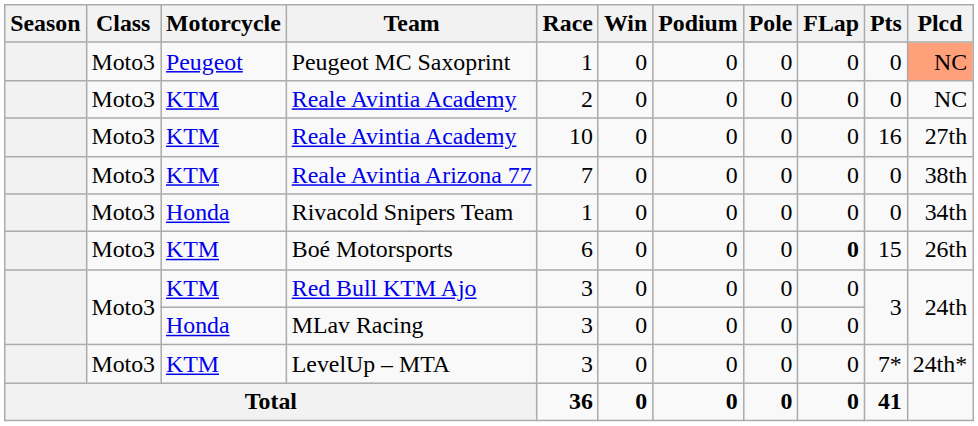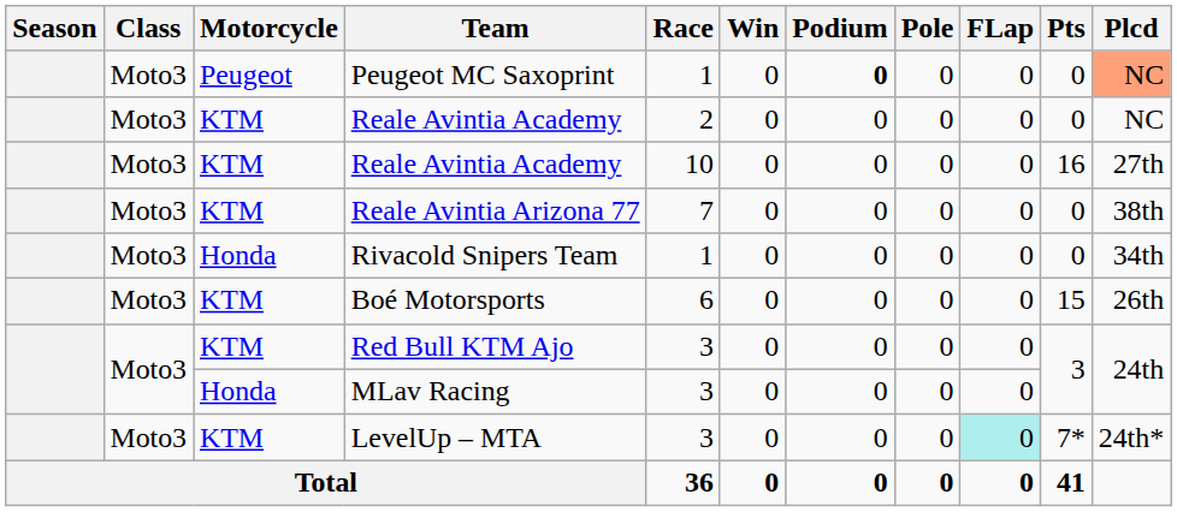 <table class="wikitable" style="text-align:right;">
 <tr>
 <th>Season</th>
 <th>Class</th>
 <th>Motorcycle</th>
 <th>Team</th>
 <th>Race</th>
 <th>Win</th>
 <th>Podium</th>
 <th>Pole</th>
 <th>FLap</th>
 <th>Pts</th>
 <th>Plcd</th>
 </tr>
 <tr>
 <th></th>
 <td>Moto3</td>
 <td style="text-align:left;"><a href='#'>Peugeot</a></td>
 <td style="text-align:left;">Peugeot MC Saxoprint</td>
 <td>1</td>
 <td>0</td>
-<td>0</td>
+<td><strong>0</strong></td>
 <td>0</td>
 <td>0</td>
 <td>0</td>
 <td style="background: lightsalmon;">NC</td>
 </tr>
 <tr>
 <th></th>
 <td>Moto3</td>
 <td style="text-align:left;"><a href='#'>KTM</a></td>
 <td style="text-align:left;"><a href='#'>Reale Avintia Academy</a></td>
 <td>2</td>
 <td>0</td>
 <td>0</td>
 <td>0</td>
 <td>0</td>
 <td>0</td>
 <td>NC</td>
 </tr>
 <tr>
 <th></th>
 <td>Moto3</td>
 <td style="text-align:left;"><a href='#'>KTM</a></td>
 <td style="text-align:left;"><a href='#'>Reale Avintia Academy</a></td>
 <td>10</td>
 <td>0</td>
 <td>0</td>
 <td>0</td>
 <td>0</td>
 <td>16</td>
 <td>27th</td>
 </tr>
 <tr>
 <th></th>
 <td>Moto3</td>
 <td style="text-align:left;"><a href='#'>KTM</a></td>
 <td style="text-align:left;"><a href='#'>Reale Avintia Arizona 77</a></td>
 <td>7</td>
 <td>0</td>
 <td>0</td>
 <td>0</td>
 <td>0</td>
 <td>0</td>
 <td>38th</td>
 </tr>
 <tr>
 <th></th>
 <td>Moto3</td>
 <td style="text-align:left;"><a href='#'>Honda</a></td>
 <td style="text-align:left;">Rivacold Snipers Team</td>
 <td>1</td>
 <td>0</td>
 <td>0</td>
 <td>0</td>
 <td>0</td>
 <td>0</td>
 <td>34th</td>
 </tr>
 <tr>
 <th></th>
 <td>Moto3</td>
 <td style="text-align:left;"><a href='#'>KTM</a></td>
 <td style="text-align:left;">Boé Motorsports</td>
 <td>6</td>
 <td>0</td>
 <td>0</td>
 <td>0</td>
-<td><strong>0</strong></td>
+<td>0</td>
 <td>15</td>
 <td>26th</td>
 </tr>
 <tr>
 <th rowspan="2"></th>
 <td rowspan="2">Moto3</td>
 <td style="text-align:left;"><a href='#'>KTM</a></td>
 <td style="text-align:left;"><a href='#'>Red Bull KTM Ajo</a></td>
 <td>3</td>
 <td>0</td>
 <td>0</td>
 <td>0</td>
 <td>0</td>
 <td rowspan="2">3</td>
 <td rowspan="2">24th</td>
 </tr>
 <tr>
 <td style="text-align:left;"><a href='#'>Honda</a></td>
 <td style="text-align:left;">MLav Racing</td>
 <td>3</td>
 <td>0</td>
 <td>0</td>
 <td>0</td>
 <td>0</td>
 </tr>
 <tr>
 <th></th>
 <td>Moto3</td>
 <td style="text-align:left;"><a href='#'>KTM</a></td>
 <td style="text-align:left;">LevelUp – MTA</td>
 <td>3</td>
 <td>0</td>
 <td>0</td>
 <td>0</td>
-<td>0</td>
+<td style="background: paleturquoise;">0</td>
 <td>7*</td>
 <td>24th*</td>
 </tr>
 <tr>
 <th colspan="4">Total</th>
 <td><strong>36</strong></td>
 <td><strong>0</strong></td>
 <td><strong>0</strong></td>
 <td><strong>0</strong></td>
 <td><strong>0</strong></td>
 <td><strong>41</strong></td>
 <td></td>
 </tr>
 </table>
